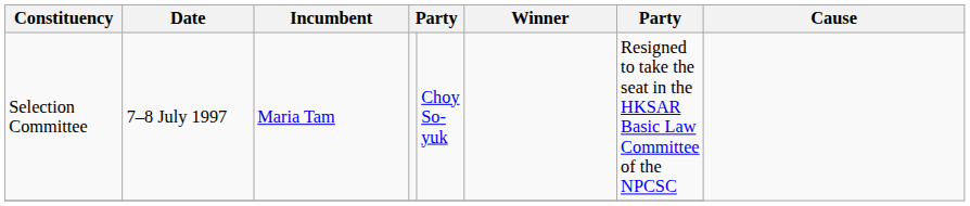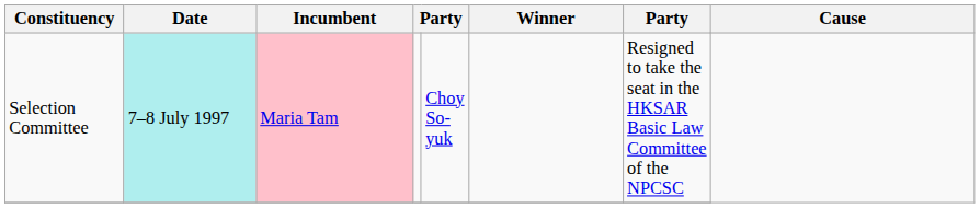 <table class="wikitable">
 <tr>
 <th width=100px>Constituency</th>
 <th width="120px">Date</th>
 <th width=140px>Incumbent</th>
 <th width=200px colspan=2>Party</th>
 <th width=140px>Winner</th>
 <th width=200px colspan=2>Party</th>
 <th width=250px>Cause</th>
 </tr>
 <tr>
 <td>Selection Committee</td>
-<td>7–8 July 1997</td>
-<td><a href='#'>Maria Tam</a></td>
+<td style="background: paleturquoise;">7–8 July 1997</td>
+<td style="background: pink;"><a href='#'>Maria Tam</a></td>
 <td></td>
 <td><a href='#'>Choy So-yuk</a></td>
 <td></td>
 <td>Resigned to take the seat in the <a href='#'>HKSAR Basic Law Committee</a> of the <a href='#'>NPCSC</a></td>
 </tr>
 <tr>
 </tr>
 </table>
